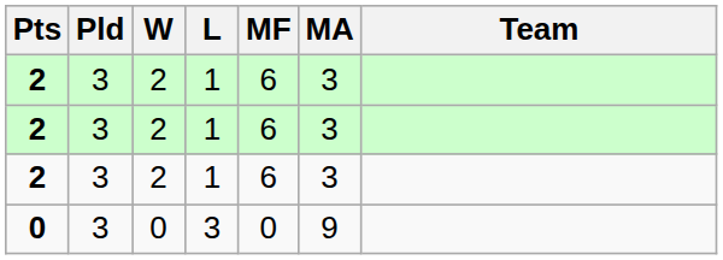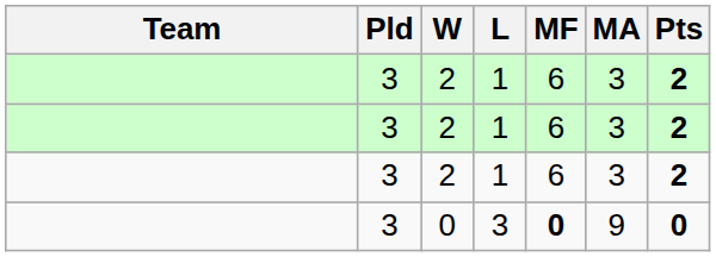 <table class=wikitable style="text-align:center">
 <tr>
-<th width=20>Pts</th>
+<th width=175>Team</th>
 <th width=20>Pld</th>
 <th width=20>W</th>
 <th width=20>L</th>
 <th width=20>MF</th>
 <th width=20>MA</th>
-<th width=175>Team</th>
+<th width=20>Pts</th>
 </tr>
 <tr bgcolor=ccffcc>
-<td><strong>2</strong></td>
+<td style="text-align:left"></td>
 <td>3</td>
 <td>2</td>
 <td>1</td>
 <td>6</td>
 <td>3</td>
-<td style="text-align:left"></td>
+<td><strong>2</strong></td>
 </tr>
 <tr bgcolor=ccffcc>
-<td><strong>2</strong></td>
+<td style="text-align:left"></td>
 <td>3</td>
 <td>2</td>
 <td>1</td>
 <td>6</td>
 <td>3</td>
-<td style="text-align:left"></td>
+<td><strong>2</strong></td>
 </tr>
 <tr>
-<td><strong>2</strong></td>
+<td style="text-align:left"></td>
 <td>3</td>
 <td>2</td>
 <td>1</td>
 <td>6</td>
 <td>3</td>
-<td style="text-align:left"></td>
+<td><strong>2</strong></td>
 </tr>
 <tr>
-<td><strong>0</strong></td>
+<td style="text-align:left"></td>
 <td>3</td>
 <td>0</td>
 <td>3</td>
-<td>0</td>
+<td><strong>0</strong></td>
 <td>9</td>
-<td style="text-align:left"></td>
+<td><strong>0</strong></td>
 </tr>
 </table>
